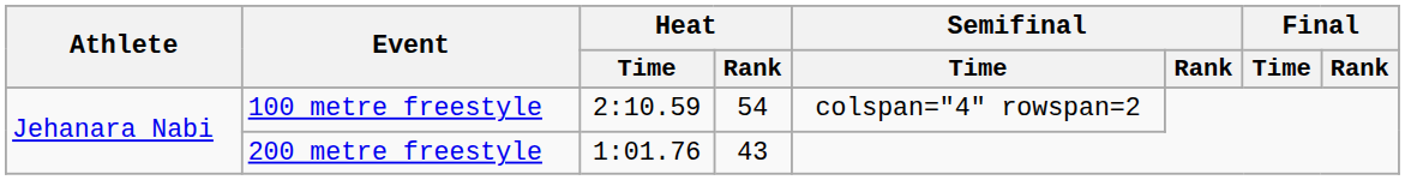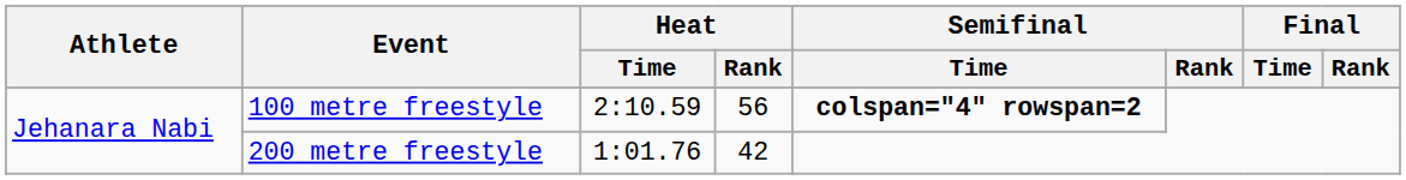 <table class="wikitable" style="text-align:center; font-size:90%; width:50%;">
 <tr>
 <th rowspan="2">Athlete</th>
 <th rowspan="2">Event</th>
 <th colspan="2">Heat</th>
 <th colspan="2">Semifinal</th>
 <th colspan="2">Final</th>
 </tr>
 <tr style="font-size:95%">
 <th>Time</th>
 <th>Rank</th>
 <th>Time</th>
 <th>Rank</th>
 <th>Time</th>
 <th>Rank</th>
 </tr>
 <tr>
 <td align=left rowspan=2><a href='#'>Jehanara Nabi</a></td>
 <td align=left><a href='#'>100 metre freestyle</a></td>
 <td>2:10.59</td>
-<td>54</td>
-<td>colspan="4" rowspan=2 </td>
+<td>56</td>
+<td><strong>colspan="4" rowspan=2 </strong></td>
 </tr>
 <tr>
 <td align=left><a href='#'>200 metre freestyle</a></td>
 <td>1:01.76</td>
-<td>43</td>
+<td>42</td>
 </tr>
 </table>
